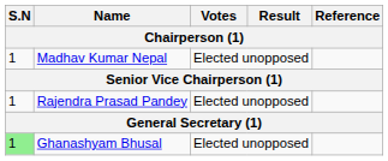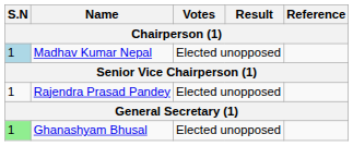 <table class="wikitable">
 <tr>
 <th>S.N</th>
 <th>Name</th>
 <th>Votes</th>
 <th>Result</th>
 <th>Reference</th>
 </tr>
 <tr>
 <th colspan="5"><strong>Chairperson (1)</strong></th>
 </tr>
 <tr>
-<td>1</td>
+<td style="background: lightblue;">1</td>
 <td><a href='#'>Madhav Kumar Nepal</a></td>
 <td colspan="2">Elected unopposed</td>
 <td></td>
 </tr>
 <tr>
 <th colspan="5"><strong>Senior Vice Chairperson (1)</strong></th>
 </tr>
 <tr>
 <td>1</td>
 <td><a href='#'>Rajendra Prasad Pandey</a></td>
 <td colspan="2">Elected unopposed</td>
 <td></td>
 </tr>
 <tr>
 <th colspan="5"><strong>General Secretary (1)</strong></th>
 </tr>
 <tr>
 <td style="background: lightgreen;">1</td>
 <td><a href='#'>Ghanashyam Bhusal</a></td>
 <td colspan="2">Elected unopposed</td>
 <td></td>
 </tr>
 </table>
